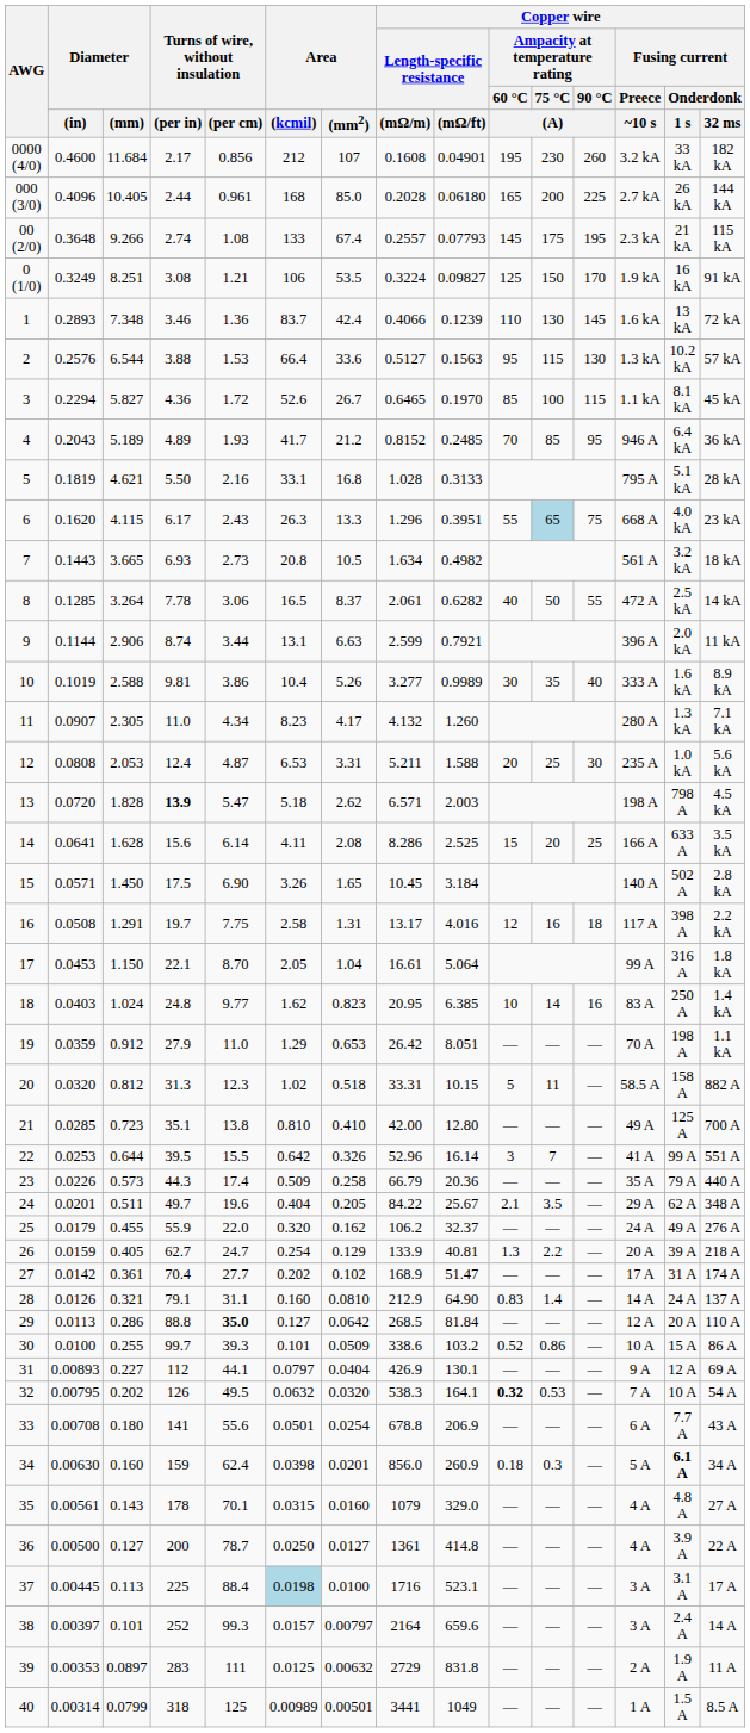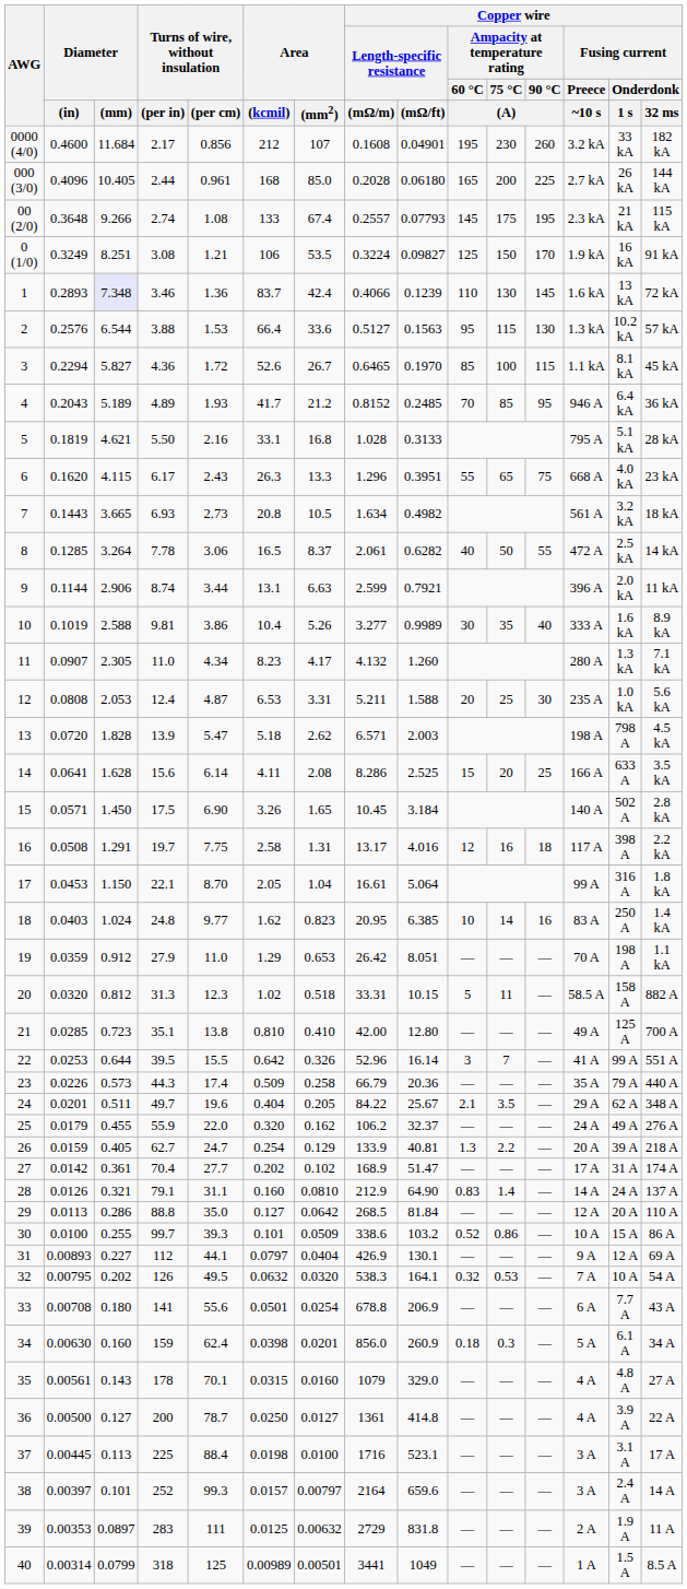 <table class="wikitable" style="text-align:center;">
 <tr>
 <th rowspan=4>AWG</th>
 <th rowspan=3 colspan=2>Diameter</th>
 <th rowspan=3 colspan=2>Turns of wire, <br>without <br>insulation</th>
 <th rowspan=3 colspan=2>Area</th>
 <th colspan=8><a href='#'>Copper</a> wire</th>
 </tr>
 <tr>
 <th rowspan=2 colspan=2><a href='#'>Length-specific <br>resistance</a></th>
 <th colspan=3><a href='#'>Ampacity</a> at temperature rating</th>
 <th colspan=3>Fusing current</th>
 </tr>
 <tr>
 <th>60 °C</th>
 <th>75 °C</th>
 <th>90 °C</th>
 <th>Preece</th>
 <th colspan=2>Onderdonk</th>
 </tr>
 <tr>
 <th>(in)</th>
 <th>(mm)</th>
 <th>(per in)</th>
 <th>(per cm)</th>
 <th>(<a href='#'>kcmil</a>)</th>
 <th>(mm<sup>2</sup>)</th>
 <th>(mΩ/m)</th>
 <th>(mΩ/ft)</th>
 <th colspan=3>(A)</th>
 <th>~10 s</th>
 <th>1 s</th>
 <th>32 ms</th>
 </tr>
 <tr>
 <td>0000 (4/0)</td>
 <td>0.4600</td>
 <td>11.684</td>
 <td>2.17</td>
 <td>0.856</td>
 <td>212</td>
 <td>107</td>
 <td>0.1608</td>
 <td>0.04901</td>
 <td>195</td>
 <td>230</td>
 <td>260</td>
 <td>3.2 kA</td>
 <td>33 kA</td>
 <td>182 kA</td>
 </tr>
 <tr>
 <td>000 (3/0)</td>
 <td>0.4096</td>
 <td>10.405</td>
 <td>2.44</td>
 <td>0.961</td>
 <td>168</td>
 <td>85.0</td>
 <td>0.2028</td>
 <td>0.06180</td>
 <td>165</td>
 <td>200</td>
 <td>225</td>
 <td>2.7 kA</td>
 <td>26 kA</td>
 <td>144 kA</td>
 </tr>
 <tr>
 <td>00 (2/0)</td>
 <td>0.3648</td>
 <td>9.266</td>
 <td>2.74</td>
 <td>1.08</td>
 <td>133</td>
 <td>67.4</td>
 <td>0.2557</td>
 <td>0.07793</td>
 <td>145</td>
 <td>175</td>
 <td>195</td>
 <td>2.3 kA</td>
 <td>21 kA</td>
 <td>115 kA</td>
 </tr>
 <tr>
 <td>0 (1/0)</td>
 <td>0.3249</td>
 <td>8.251</td>
 <td>3.08</td>
 <td>1.21</td>
 <td>106</td>
 <td>53.5</td>
 <td>0.3224</td>
 <td>0.09827</td>
 <td>125</td>
 <td>150</td>
 <td>170</td>
 <td>1.9 kA</td>
 <td>16 kA</td>
 <td>91 kA</td>
 </tr>
 <tr>
 <td>1</td>
 <td>0.2893</td>
-<td>7.348</td>
+<td style="background: lavender;">7.348</td>
 <td>3.46</td>
 <td>1.36</td>
 <td>83.7</td>
 <td>42.4</td>
 <td>0.4066</td>
 <td>0.1239</td>
 <td>110</td>
 <td>130</td>
 <td>145</td>
 <td>1.6 kA</td>
 <td>13 kA</td>
 <td>72 kA</td>
 </tr>
 <tr>
 <td>2</td>
 <td>0.2576</td>
 <td>6.544</td>
 <td>3.88</td>
 <td>1.53</td>
 <td>66.4</td>
 <td>33.6</td>
 <td>0.5127</td>
 <td>0.1563</td>
 <td>95</td>
 <td>115</td>
 <td>130</td>
 <td>1.3 kA</td>
 <td>10.2 kA</td>
 <td>57 kA</td>
 </tr>
 <tr>
 <td>3</td>
 <td>0.2294</td>
 <td>5.827</td>
 <td>4.36</td>
 <td>1.72</td>
 <td>52.6</td>
 <td>26.7</td>
 <td>0.6465</td>
 <td>0.1970</td>
 <td>85</td>
 <td>100</td>
 <td>115</td>
 <td>1.1 kA</td>
 <td>8.1 kA</td>
 <td>45 kA</td>
 </tr>
 <tr>
 <td>4</td>
 <td>0.2043</td>
 <td>5.189</td>
 <td>4.89</td>
 <td>1.93</td>
 <td>41.7</td>
 <td>21.2</td>
 <td>0.8152</td>
 <td>0.2485</td>
 <td>70</td>
 <td>85</td>
 <td>95</td>
 <td>946 A</td>
 <td>6.4 kA</td>
 <td>36 kA</td>
 </tr>
 <tr>
 <td>5</td>
 <td>0.1819</td>
 <td>4.621</td>
 <td>5.50</td>
 <td>2.16</td>
 <td>33.1</td>
 <td>16.8</td>
 <td>1.028</td>
 <td>0.3133</td>
 <td colspan=3></td>
 <td>795 A</td>
 <td>5.1 kA</td>
 <td>28 kA</td>
 </tr>
 <tr>
 <td>6</td>
 <td>0.1620</td>
 <td>4.115</td>
 <td>6.17</td>
 <td>2.43</td>
 <td>26.3</td>
 <td>13.3</td>
 <td>1.296</td>
 <td>0.3951</td>
 <td>55</td>
-<td style="background: lightblue;">65</td>
+<td>65</td>
 <td>75</td>
 <td>668 A</td>
 <td>4.0 kA</td>
 <td>23 kA</td>
 </tr>
 <tr>
 <td>7</td>
 <td>0.1443</td>
 <td>3.665</td>
 <td>6.93</td>
 <td>2.73</td>
 <td>20.8</td>
 <td>10.5</td>
 <td>1.634</td>
 <td>0.4982</td>
 <td colspan=3></td>
 <td>561 A</td>
 <td>3.2 kA</td>
 <td>18 kA</td>
 </tr>
 <tr>
 <td>8</td>
 <td>0.1285</td>
 <td>3.264</td>
 <td>7.78</td>
 <td>3.06</td>
 <td>16.5</td>
 <td>8.37</td>
 <td>2.061</td>
 <td>0.6282</td>
 <td>40</td>
 <td>50</td>
 <td>55</td>
 <td>472 A</td>
 <td>2.5 kA</td>
 <td>14 kA</td>
 </tr>
 <tr>
 <td>9</td>
 <td>0.1144</td>
 <td>2.906</td>
 <td>8.74</td>
 <td>3.44</td>
 <td>13.1</td>
 <td>6.63</td>
 <td>2.599</td>
 <td>0.7921</td>
 <td colspan=3></td>
 <td>396 A</td>
 <td>2.0 kA</td>
 <td>11 kA</td>
 </tr>
 <tr>
 <td>10</td>
 <td>0.1019</td>
 <td>2.588</td>
 <td>9.81</td>
 <td>3.86</td>
 <td>10.4</td>
 <td>5.26</td>
 <td>3.277</td>
 <td>0.9989</td>
 <td>30</td>
 <td>35</td>
 <td>40</td>
 <td>333 A</td>
 <td>1.6 kA</td>
 <td>8.9 kA</td>
 </tr>
 <tr>
 <td>11</td>
 <td>0.0907</td>
 <td>2.305</td>
 <td>11.0</td>
 <td>4.34</td>
 <td>8.23</td>
 <td>4.17</td>
 <td>4.132</td>
 <td>1.260</td>
 <td colspan=3></td>
 <td>280 A</td>
 <td>1.3 kA</td>
 <td>7.1 kA</td>
 </tr>
 <tr>
 <td>12</td>
 <td>0.0808</td>
 <td>2.053</td>
 <td>12.4</td>
 <td>4.87</td>
 <td>6.53</td>
 <td>3.31</td>
 <td>5.211</td>
 <td>1.588</td>
 <td>20</td>
 <td>25</td>
 <td>30</td>
 <td>235 A</td>
 <td>1.0 kA</td>
 <td>5.6 kA</td>
 </tr>
 <tr>
 <td>13</td>
 <td>0.0720</td>
 <td>1.828</td>
-<td><strong>13.9</strong></td>
+<td>13.9</td>
 <td>5.47</td>
 <td>5.18</td>
 <td>2.62</td>
 <td>6.571</td>
 <td>2.003</td>
 <td colspan=3></td>
 <td>198 A</td>
 <td>798 A</td>
 <td>4.5 kA</td>
 </tr>
 <tr>
 <td>14</td>
 <td>0.0641</td>
 <td>1.628</td>
 <td>15.6</td>
 <td>6.14</td>
 <td>4.11</td>
 <td>2.08</td>
 <td>8.286</td>
 <td>2.525</td>
 <td>15</td>
 <td>20</td>
 <td>25</td>
 <td>166 A</td>
 <td>633 A</td>
 <td>3.5 kA</td>
 </tr>
 <tr>
 <td>15</td>
 <td>0.0571</td>
 <td>1.450</td>
 <td>17.5</td>
 <td>6.90</td>
 <td>3.26</td>
 <td>1.65</td>
 <td>10.45</td>
 <td>3.184</td>
 <td colspan=3></td>
 <td>140 A</td>
 <td>502 A</td>
 <td>2.8 kA</td>
 </tr>
 <tr>
 <td>16</td>
 <td>0.0508</td>
 <td>1.291</td>
 <td>19.7</td>
 <td>7.75</td>
 <td>2.58</td>
 <td>1.31</td>
 <td>13.17</td>
 <td>4.016</td>
 <td>12</td>
 <td>16</td>
 <td>18</td>
 <td>117 A</td>
 <td>398 A</td>
 <td>2.2 kA</td>
 </tr>
 <tr>
 <td>17</td>
 <td>0.0453</td>
 <td>1.150</td>
 <td>22.1</td>
 <td>8.70</td>
 <td>2.05</td>
 <td>1.04</td>
 <td>16.61</td>
 <td>5.064</td>
 <td colspan=3></td>
 <td>99 A</td>
 <td>316 A</td>
 <td>1.8 kA</td>
 </tr>
 <tr>
 <td>18</td>
 <td>0.0403</td>
 <td>1.024</td>
 <td>24.8</td>
 <td>9.77</td>
 <td>1.62</td>
 <td>0.823</td>
 <td>20.95</td>
 <td>6.385</td>
 <td>10</td>
 <td>14</td>
 <td>16</td>
 <td>83 A</td>
 <td>250 A</td>
 <td>1.4 kA</td>
 </tr>
 <tr>
 <td>19</td>
 <td>0.0359</td>
 <td>0.912</td>
 <td>27.9</td>
 <td>11.0</td>
 <td>1.29</td>
 <td>0.653</td>
 <td>26.42</td>
 <td>8.051</td>
 <td>—</td>
 <td>—</td>
 <td>—</td>
 <td>70 A</td>
 <td>198 A</td>
 <td>1.1 kA</td>
 </tr>
 <tr>
 <td>20</td>
 <td>0.0320</td>
 <td>0.812</td>
 <td>31.3</td>
 <td>12.3</td>
 <td>1.02</td>
 <td>0.518</td>
 <td>33.31</td>
 <td>10.15</td>
 <td>5</td>
 <td>11</td>
 <td>—</td>
 <td>58.5 A</td>
 <td>158 A</td>
 <td>882 A</td>
 </tr>
 <tr>
 <td>21</td>
 <td>0.0285</td>
 <td>0.723</td>
 <td>35.1</td>
 <td>13.8</td>
 <td>0.810</td>
 <td>0.410</td>
 <td>42.00</td>
 <td>12.80</td>
 <td>—</td>
 <td>—</td>
 <td>—</td>
 <td>49 A</td>
 <td>125 A</td>
 <td>700 A</td>
 </tr>
 <tr>
 <td>22</td>
 <td>0.0253</td>
 <td>0.644</td>
 <td>39.5</td>
 <td>15.5</td>
 <td>0.642</td>
 <td>0.326</td>
 <td>52.96</td>
 <td>16.14</td>
 <td>3</td>
 <td>7</td>
 <td>—</td>
 <td>41 A</td>
 <td>99 A</td>
 <td>551 A</td>
 </tr>
 <tr>
 <td>23</td>
 <td>0.0226</td>
 <td>0.573</td>
 <td>44.3</td>
 <td>17.4</td>
 <td>0.509</td>
 <td>0.258</td>
 <td>66.79</td>
 <td>20.36</td>
 <td>—</td>
 <td>—</td>
 <td>—</td>
 <td>35 A</td>
 <td>79 A</td>
 <td>440 A</td>
 </tr>
 <tr>
 <td>24</td>
 <td>0.0201</td>
 <td>0.511</td>
 <td>49.7</td>
 <td>19.6</td>
 <td>0.404</td>
 <td>0.205</td>
 <td>84.22</td>
 <td>25.67</td>
 <td>2.1</td>
 <td>3.5</td>
 <td>—</td>
 <td>29 A</td>
 <td>62 A</td>
 <td>348 A</td>
 </tr>
 <tr>
 <td>25</td>
 <td>0.0179</td>
 <td>0.455</td>
 <td>55.9</td>
 <td>22.0</td>
 <td>0.320</td>
 <td>0.162</td>
 <td>106.2</td>
 <td>32.37</td>
 <td>—</td>
 <td>—</td>
 <td>—</td>
 <td>24 A</td>
 <td>49 A</td>
 <td>276 A</td>
 </tr>
 <tr>
 <td>26</td>
 <td>0.0159</td>
 <td>0.405</td>
 <td>62.7</td>
 <td>24.7</td>
 <td>0.254</td>
 <td>0.129</td>
 <td>133.9</td>
 <td>40.81</td>
 <td>1.3</td>
 <td>2.2</td>
 <td>—</td>
 <td>20 A</td>
 <td>39 A</td>
 <td>218 A</td>
 </tr>
 <tr>
 <td>27</td>
 <td>0.0142</td>
 <td>0.361</td>
 <td>70.4</td>
 <td>27.7</td>
 <td>0.202</td>
 <td>0.102</td>
 <td>168.9</td>
 <td>51.47</td>
 <td>—</td>
 <td>—</td>
 <td>—</td>
 <td>17 A</td>
 <td>31 A</td>
 <td>174 A</td>
 </tr>
 <tr>
 <td>28</td>
 <td>0.0126</td>
 <td>0.321</td>
 <td>79.1</td>
 <td>31.1</td>
 <td>0.160</td>
 <td>0.0810</td>
 <td>212.9</td>
 <td>64.90</td>
 <td>0.83</td>
 <td>1.4</td>
 <td>—</td>
 <td>14 A</td>
 <td>24 A</td>
 <td>137 A</td>
 </tr>
 <tr>
 <td>29</td>
 <td>0.0113</td>
 <td>0.286</td>
 <td>88.8</td>
-<td><strong>35.0</strong></td>
+<td>35.0</td>
 <td>0.127</td>
 <td>0.0642</td>
 <td>268.5</td>
 <td>81.84</td>
 <td>—</td>
 <td>—</td>
 <td>—</td>
 <td>12 A</td>
 <td>20 A</td>
 <td>110 A</td>
 </tr>
 <tr>
 <td>30</td>
 <td>0.0100</td>
 <td>0.255</td>
 <td>99.7</td>
 <td>39.3</td>
 <td>0.101</td>
 <td>0.0509</td>
 <td>338.6</td>
 <td>103.2</td>
 <td>0.52</td>
 <td>0.86</td>
 <td>—</td>
 <td>10 A</td>
 <td>15 A</td>
 <td>86 A</td>
 </tr>
 <tr>
 <td>31</td>
 <td>0.00893</td>
 <td>0.227</td>
 <td>112</td>
 <td>44.1</td>
 <td>0.0797</td>
 <td>0.0404</td>
 <td>426.9</td>
 <td>130.1</td>
 <td>—</td>
 <td>—</td>
 <td>—</td>
 <td>9 A</td>
 <td>12 A</td>
 <td>69 A</td>
 </tr>
 <tr>
 <td>32</td>
 <td>0.00795</td>
 <td>0.202</td>
 <td>126</td>
 <td>49.5</td>
 <td>0.0632</td>
 <td>0.0320</td>
 <td>538.3</td>
 <td>164.1</td>
-<td><strong>0.32</strong></td>
+<td>0.32</td>
 <td>0.53</td>
 <td>—</td>
 <td>7 A</td>
 <td>10 A</td>
 <td>54 A</td>
 </tr>
 <tr>
 <td>33</td>
 <td>0.00708</td>
 <td>0.180</td>
 <td>141</td>
 <td>55.6</td>
 <td>0.0501</td>
 <td>0.0254</td>
 <td>678.8</td>
 <td>206.9</td>
 <td>—</td>
 <td>—</td>
 <td>—</td>
 <td>6 A</td>
 <td>7.7 A</td>
 <td>43 A</td>
 </tr>
 <tr>
 <td>34</td>
 <td>0.00630</td>
 <td>0.160</td>
 <td>159</td>
 <td>62.4</td>
 <td>0.0398</td>
 <td>0.0201</td>
 <td>856.0</td>
 <td>260.9</td>
 <td>0.18</td>
 <td>0.3</td>
 <td>—</td>
 <td>5 A</td>
-<td><strong>6.1 A</strong></td>
+<td>6.1 A</td>
 <td>34 A</td>
 </tr>
 <tr>
 <td>35</td>
 <td>0.00561</td>
 <td>0.143</td>
 <td>178</td>
 <td>70.1</td>
 <td>0.0315</td>
 <td>0.0160</td>
 <td>1079</td>
 <td>329.0</td>
 <td>—</td>
 <td>—</td>
 <td>—</td>
 <td>4 A</td>
 <td>4.8 A</td>
 <td>27 A</td>
 </tr>
 <tr>
 <td>36</td>
 <td>0.00500</td>
 <td>0.127</td>
 <td>200</td>
 <td>78.7</td>
 <td>0.0250</td>
 <td>0.0127</td>
 <td>1361</td>
 <td>414.8</td>
 <td>—</td>
 <td>—</td>
 <td>—</td>
 <td>4 A</td>
 <td>3.9 A</td>
 <td>22 A</td>
 </tr>
 <tr>
 <td>37</td>
 <td>0.00445</td>
 <td>0.113</td>
 <td>225</td>
 <td>88.4</td>
-<td style="background: lightblue;">0.0198</td>
+<td>0.0198</td>
 <td>0.0100</td>
 <td>1716</td>
 <td>523.1</td>
 <td>—</td>
 <td>—</td>
 <td>—</td>
 <td>3 A</td>
 <td>3.1 A</td>
 <td>17 A</td>
 </tr>
 <tr>
 <td>38</td>
 <td>0.00397</td>
 <td>0.101</td>
 <td>252</td>
 <td>99.3</td>
 <td>0.0157</td>
 <td>0.00797</td>
 <td>2164</td>
 <td>659.6</td>
 <td>—</td>
 <td>—</td>
 <td>—</td>
 <td>3 A</td>
 <td>2.4 A</td>
 <td>14 A</td>
 </tr>
 <tr>
 <td>39</td>
 <td>0.00353</td>
 <td>0.0897</td>
 <td>283</td>
 <td>111</td>
 <td>0.0125</td>
 <td>0.00632</td>
 <td>2729</td>
 <td>831.8</td>
 <td>—</td>
 <td>—</td>
 <td>—</td>
 <td>2 A</td>
 <td>1.9 A</td>
 <td>11 A</td>
 </tr>
 <tr>
 <td>40</td>
 <td>0.00314</td>
 <td>0.0799</td>
 <td>318</td>
 <td>125</td>
 <td>0.00989</td>
 <td>0.00501</td>
 <td>3441</td>
 <td>1049</td>
 <td>—</td>
 <td>—</td>
 <td>—</td>
 <td>1 A</td>
 <td>1.5 A</td>
 <td>8.5 A</td>
 </tr>
 </table>
